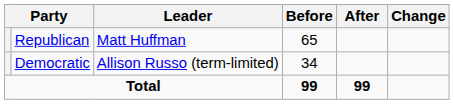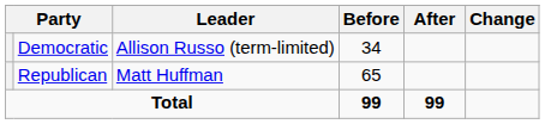 <table class="wikitable" style="text-align:center;">
 <tr>
 </tr>
 <tr>
 <th colspan=2>Party</th>
 <th>Leader</th>
 <th style="width:3em">Before</th>
 <th style="width:3em">After</th>
 <th style="width:3em">Change</th>
 </tr>
 <tr>
 <th style="background-color:"></th>
-<td style="text-align:left;"><a href='#'>Republican</a></td>
-<td style="text-align:left;"><a href='#'>Matt Huffman</a></td>
-<td>65</td>
+<td style="text-align:left;"><a href='#'>Democratic</a></td>
+<td style="text-align:left;"><a href='#'>Allison Russo</a> (term-limited)</td>
+<td>34</td>
 <td></td>
 <td></td>
 </tr>
 <tr>
 <th style="background-color:"></th>
-<td style="text-align:left;"><a href='#'>Democratic</a></td>
-<td style="text-align:left;"><a href='#'>Allison Russo</a> (term-limited)</td>
-<td>34</td>
+<td style="text-align:left;"><a href='#'>Republican</a></td>
+<td style="text-align:left;"><a href='#'>Matt Huffman</a></td>
+<td>65</td>
 <td></td>
 <td></td>
 </tr>
 <tr>
 <td colspan=3><strong>Total</strong></td>
 <td><strong>99</strong></td>
 <td><strong>99</strong></td>
 <td></td>
 </tr>
 </table>
